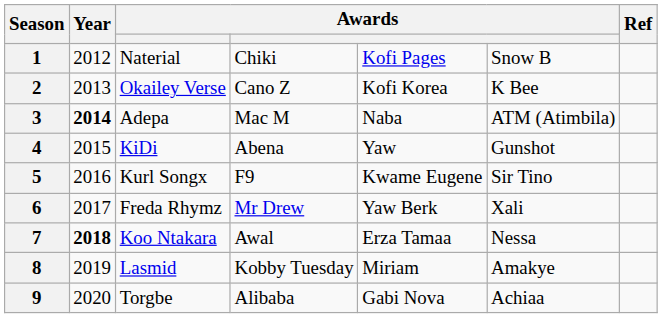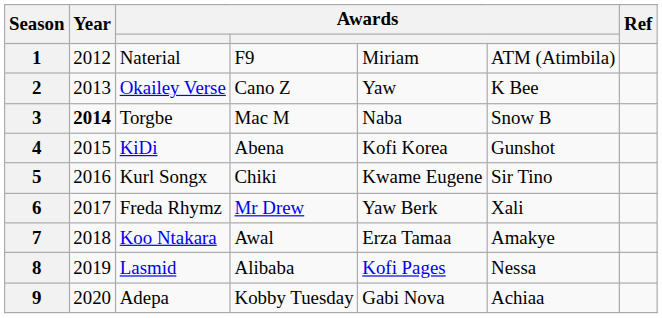 <table class="wikitable">
 <tr>
 <th rowspan="2">Season</th>
 <th rowspan="2">Year</th>
 <th colspan="4">Awards</th>
 <th rowspan="2">Ref</th>
 </tr>
 <tr>
 <th></th>
 <th colspan="3"></th>
 </tr>
 <tr>
 <th>1</th>
 <td>2012</td>
 <td>Naterial</td>
-<td>Chiki</td>
-<td><a href='#'>Kofi Pages</a></td>
-<td>Snow B</td>
+<td>F9</td>
+<td>Miriam</td>
+<td>ATM (Atimbila)</td>
 <td></td>
 </tr>
 <tr>
 <th>2</th>
 <td>2013</td>
 <td><a href='#'>Okailey Verse</a></td>
 <td>Cano Z</td>
-<td>Kofi Korea</td>
+<td>Yaw</td>
 <td>K Bee</td>
 <td></td>
 </tr>
 <tr>
 <th>3</th>
 <td><strong>2014</strong></td>
-<td>Adepa</td>
+<td>Torgbe</td>
 <td>Mac M</td>
 <td>Naba</td>
-<td>ATM (Atimbila)</td>
+<td>Snow B</td>
 <td></td>
 </tr>
 <tr>
 <th>4</th>
 <td>2015</td>
 <td><a href='#'>KiDi</a></td>
 <td>Abena</td>
-<td>Yaw</td>
+<td>Kofi Korea</td>
 <td>Gunshot</td>
 <td></td>
 </tr>
 <tr>
 <th>5</th>
 <td>2016</td>
 <td>Kurl Songx</td>
-<td>F9</td>
+<td>Chiki</td>
 <td>Kwame Eugene</td>
 <td>Sir Tino</td>
 <td></td>
 </tr>
 <tr>
 <th>6</th>
 <td>2017</td>
 <td>Freda Rhymz</td>
 <td><a href='#'>Mr Drew</a></td>
 <td>Yaw Berk</td>
 <td>Xali</td>
 <td></td>
 </tr>
 <tr>
 <th>7</th>
-<td><strong>2018</strong></td>
+<td>2018</td>
 <td><a href='#'>Koo Ntakara</a></td>
 <td>Awal</td>
 <td>Erza Tamaa</td>
-<td>Nessa</td>
+<td>Amakye</td>
 <td></td>
 </tr>
 <tr>
 <th>8</th>
 <td>2019</td>
 <td><a href='#'>Lasmid</a></td>
-<td>Kobby Tuesday</td>
-<td>Miriam</td>
-<td>Amakye</td>
+<td>Alibaba</td>
+<td><a href='#'>Kofi Pages</a></td>
+<td>Nessa</td>
 <td></td>
 </tr>
 <tr>
 <th>9</th>
 <td>2020</td>
-<td>Torgbe</td>
-<td>Alibaba</td>
+<td>Adepa</td>
+<td>Kobby Tuesday</td>
 <td>Gabi Nova</td>
 <td>Achiaa</td>
 <td></td>
 </tr>
 </table>
